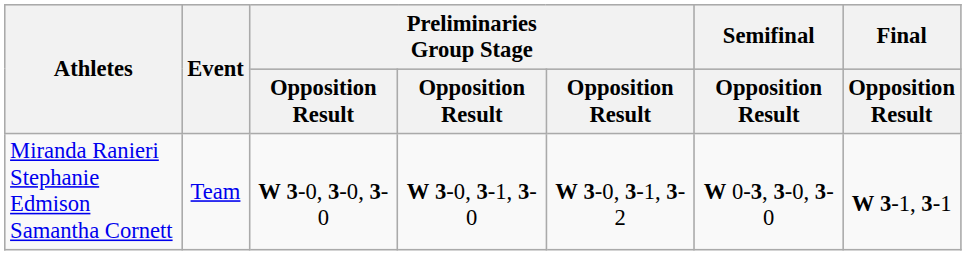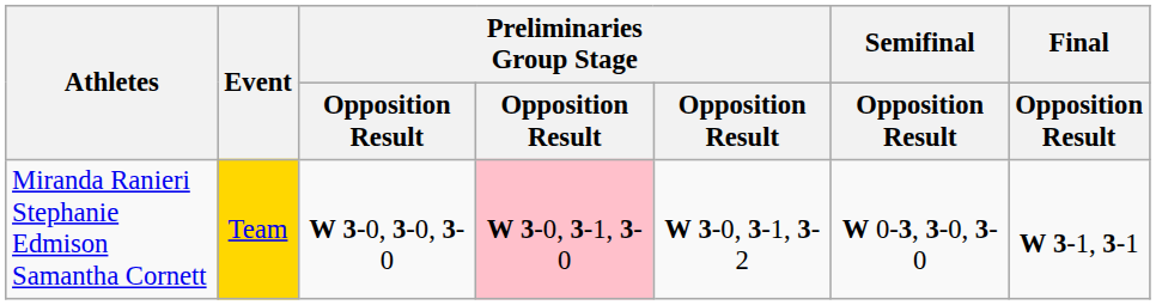 <table class="wikitable" border="1" style="font-size:90%">
 <tr>
 <th rowspan=2>Athletes</th>
 <th rowspan=2>Event</th>
 <th colspan=3>Preliminaries<br>Group Stage</th>
 <th>Semifinal</th>
 <th>Final</th>
 </tr>
 <tr>
 <th>Opposition<br>Result</th>
 <th>Opposition<br>Result</th>
 <th>Opposition<br>Result</th>
 <th>Opposition<br>Result</th>
 <th>Opposition<br>Result</th>
 </tr>
 <tr>
 <td><a href='#'>Miranda Ranieri</a><br><a href='#'>Stephanie Edmison</a><br><a href='#'>Samantha Cornett</a></td>
-<td align=center><a href='#'>Team</a></td>
+<td align=center style="background: gold;"><a href='#'>Team</a></td>
 <td align=center><br><strong>W</strong> <strong>3</strong>-0, <strong>3</strong>-0, <strong>3</strong>-0</td>
-<td align=center><br><strong>W</strong> <strong>3</strong>-0, <strong>3</strong>-1, <strong>3</strong>-0</td>
+<td align=center style="background: pink;"><br><strong>W</strong> <strong>3</strong>-0, <strong>3</strong>-1, <strong>3</strong>-0</td>
 <td align=center><br><strong>W</strong> <strong>3</strong>-0, <strong>3</strong>-1, <strong>3</strong>-2</td>
 <td align=center><br><strong>W</strong> 0-<strong>3</strong>, <strong>3</strong>-0, <strong>3</strong>-0</td>
 <td align=center><br><strong>W</strong> <strong>3</strong>-1, <strong>3</strong>-1<br></td>
 </tr>
 </table>
